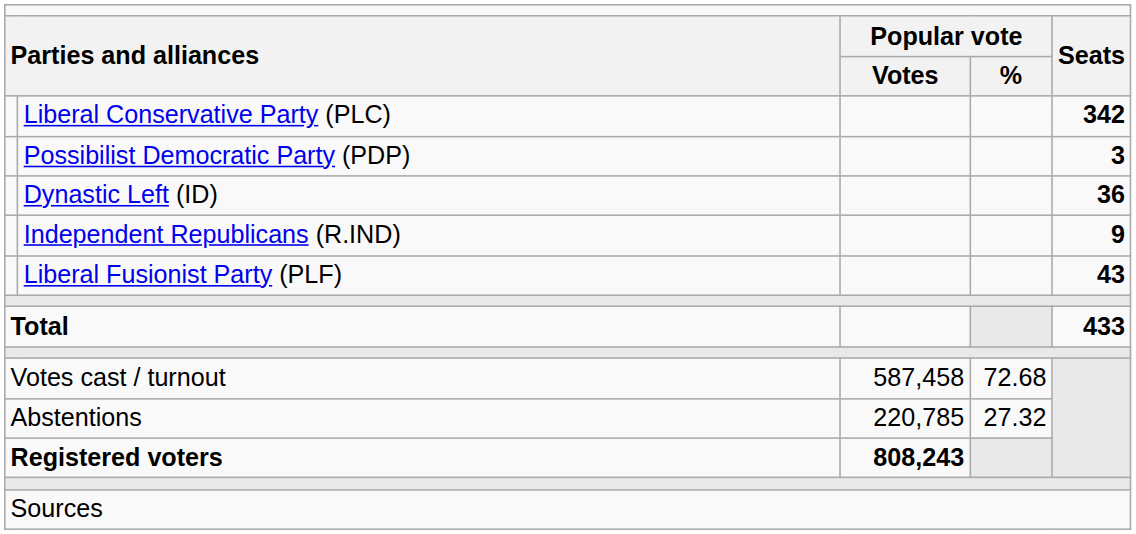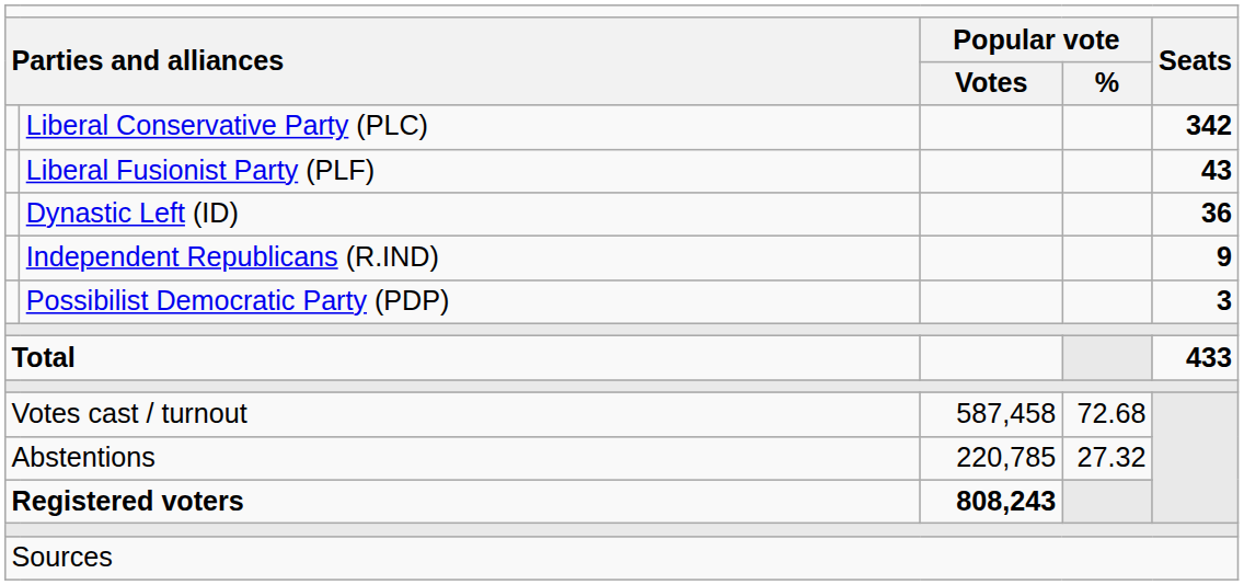 <table class="wikitable" style="text-align:right;">
 <tr>
 <td colspan="5"></td>
 </tr>
 <tr>
 <th style="text-align:left;" rowspan="2" colspan="2" width="525">Parties and alliances</th>
 <th colspan="2">Popular vote</th>
 <th rowspan="2" width="35">Seats</th>
 </tr>
 <tr>
 <th width="75">Votes</th>
 <th width="45">%</th>
 </tr>
 <tr>
 <td width="1" style="color:inherit;background:"></td>
 <td align="left"><a href='#'>Liberal Conservative Party</a> (PLC)</td>
 <td></td>
 <td></td>
 <td><strong>342</strong></td>
 </tr>
 <tr>
 <td style="color:inherit;background:"></td>
-<td align="left"><a href='#'>Possibilist Democratic Party</a> (PDP)</td>
+<td align="left"><a href='#'>Liberal Fusionist Party</a> (PLF)</td>
 <td></td>
 <td></td>
-<td><strong>3</strong></td>
+<td><strong>43</strong></td>
 </tr>
 <tr>
 <td style="color:inherit;background:"></td>
 <td align="left"><a href='#'>Dynastic Left</a> (ID)</td>
 <td></td>
 <td></td>
 <td><strong>36</strong></td>
 </tr>
 <tr>
 <td style="color:inherit;background:"></td>
 <td align="left"><a href='#'>Independent Republicans</a> (R.IND)</td>
 <td></td>
 <td></td>
 <td><strong>9</strong></td>
 </tr>
 <tr>
 <td style="color:inherit;background:"></td>
-<td align="left"><a href='#'>Liberal Fusionist Party</a> (PLF)</td>
+<td align="left"><a href='#'>Possibilist Democratic Party</a> (PDP)</td>
 <td></td>
 <td></td>
-<td><strong>43</strong></td>
+<td><strong>3</strong></td>
 </tr>
 <tr>
 <td colspan="5" bgcolor="#E9E9E9"></td>
 </tr>
 <tr style="font-weight:bold;">
 <td align="left" colspan="2">Total</td>
 <td></td>
 <td bgcolor="#E9E9E9"></td>
 <td>433</td>
 </tr>
 <tr>
 <td colspan="5" bgcolor="#E9E9E9"></td>
 </tr>
 <tr>
 <td align="left" colspan="2">Votes cast / turnout</td>
 <td>587,458</td>
 <td>72.68</td>
 <td bgcolor="#E9E9E9" rowspan="3"></td>
 </tr>
 <tr>
 <td align="left" colspan="2">Abstentions</td>
 <td>220,785</td>
 <td>27.32</td>
 </tr>
 <tr style="font-weight:bold;">
 <td align="left" colspan="2">Registered voters</td>
 <td>808,243</td>
 <td bgcolor="#E9E9E9"></td>
 </tr>
 <tr>
 <td colspan="5" bgcolor="#E9E9E9"></td>
 </tr>
 <tr>
 <td align="left" colspan="5">Sources</td>
 </tr>
 </table>
